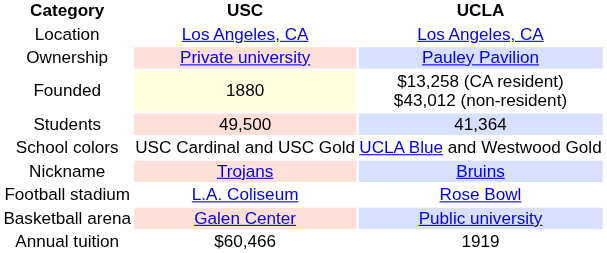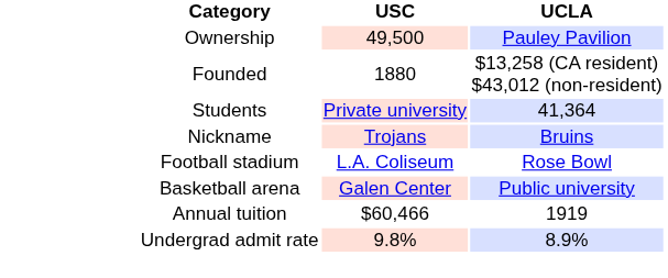 <table id="toc" style="float:right; margin-left: 1em; margin-bottom: 1em; text-align: center">
 <tr>
 <th>Category</th>
 <th>USC</th>
 <th>UCLA</th>
 </tr>
 <tr>
-<td>Location</td>
-<td><a href='#'>Los Angeles, CA</a></td>
-<td><a href='#'>Los Angeles, CA</a></td>
-</tr>
-<tr>
 <td>Ownership</td>
-<td style="background: #ffe0d8;"><a href='#'>Private university</a></td>
+<td style="background: #ffe0d8;">49,500 </td>
 <td style="background: #d8e0ff;"><a href='#'>Pauley Pavilion</a></td>
 </tr>
 <tr>
 <td>Founded</td>
-<td style="background: lightyellow;">1880</td>
+<td>1880</td>
 <td>$13,258 (CA resident)<br>$43,012 (non-resident)</td>
 </tr>
 <tr>
 <td>Students</td>
-<td style="background: #ffe0d8;">49,500 </td>
+<td style="background: #ffe0d8;"><a href='#'>Private university</a></td>
 <td style="background: #d8e0ff;">41,364</td>
-</tr>
-<tr>
-<td>School colors</td>
-<td>USC Cardinal and USC Gold</td>
-<td><a href='#'>UCLA Blue</a> and Westwood Gold</td>
 </tr>
 <tr>
 <td>Nickname</td>
 <td style="background: #ffe0d8;"><a href='#'>Trojans</a></td>
 <td style="background: #d8e0ff;"><a href='#'>Bruins</a></td>
 </tr>
 <tr>
 <td>Football stadium</td>
 <td><a href='#'>L.A. Coliseum</a></td>
 <td><a href='#'>Rose Bowl</a></td>
 </tr>
 <tr>
 <td>Basketball arena</td>
 <td style="background: #ffe0d8;"><a href='#'>Galen Center</a></td>
 <td style="background: #d8e0ff;"><a href='#'>Public university</a></td>
 </tr>
 <tr>
 <td>Annual tuition</td>
 <td>$60,466</td>
 <td>1919</td>
 </tr>
+<tr>
+<td>Undergrad admit rate</td>
+<td style="background: #ffe0d8;">9.8%</td>
+<td style="background: #d8e0ff;">8.9%</td>
+</tr>
 </table>
